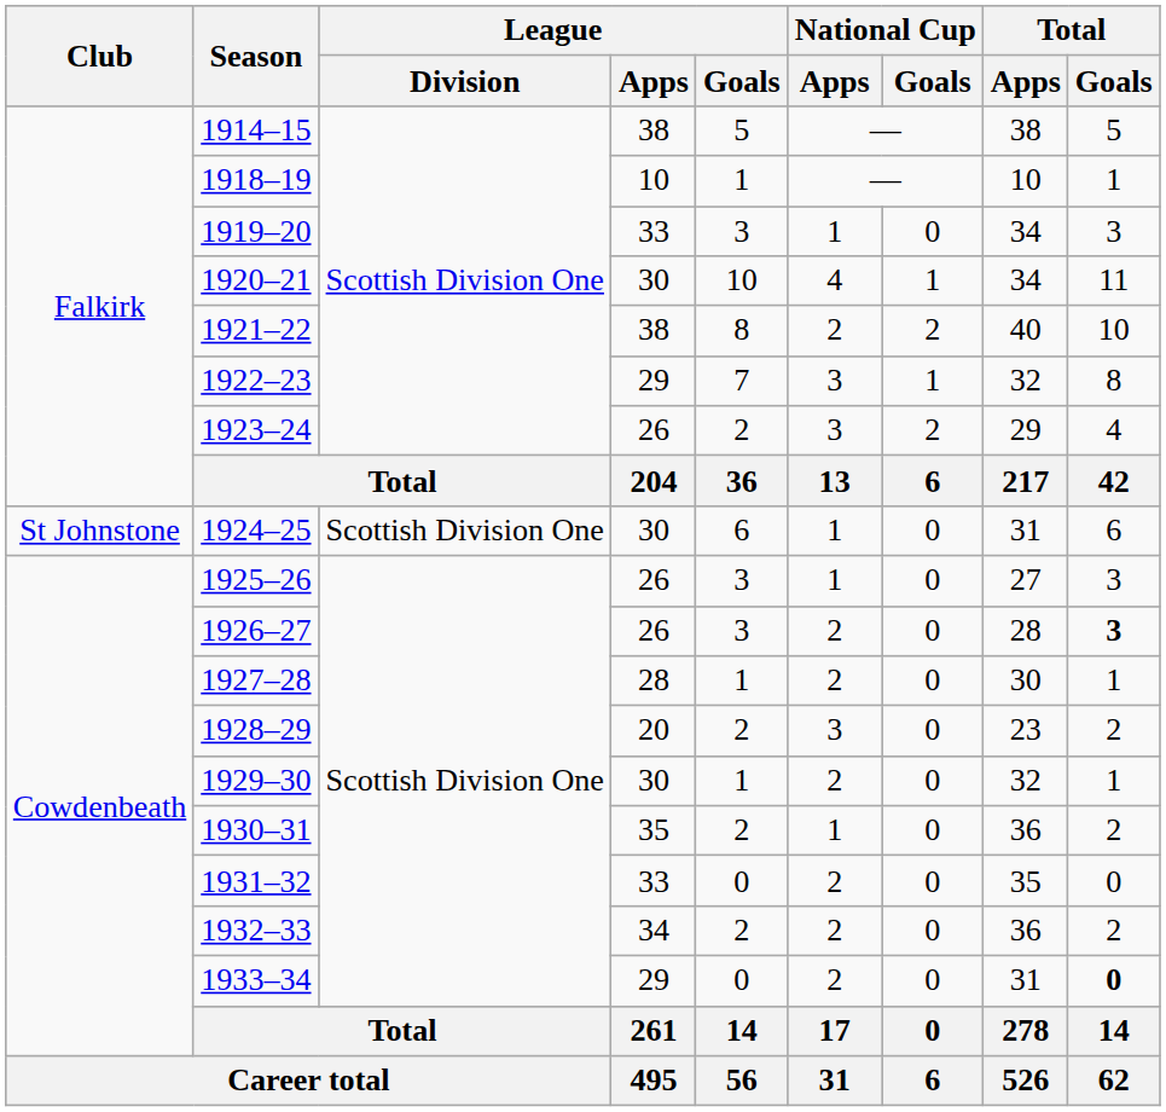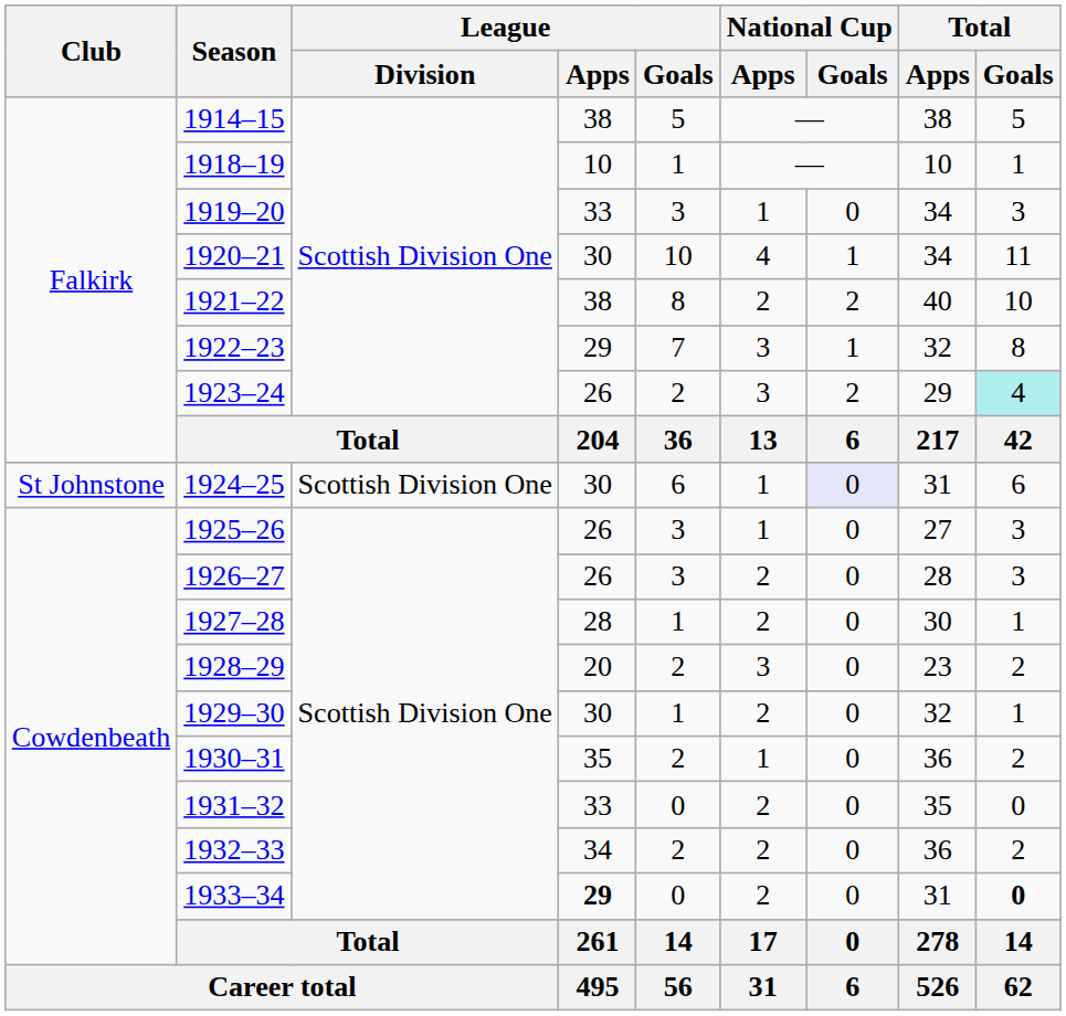 <table class="wikitable" style="text-align: center">
 <tr>
 <th rowspan="2">Club</th>
 <th rowspan="2">Season</th>
 <th colspan="3">League</th>
 <th colspan="2">National Cup</th>
 <th colspan="2">Total</th>
 </tr>
 <tr>
 <th>Division</th>
 <th>Apps</th>
 <th>Goals</th>
 <th>Apps</th>
 <th>Goals</th>
 <th>Apps</th>
 <th>Goals</th>
 </tr>
 <tr>
 <td rowspan="8"><a href='#'>Falkirk</a></td>
 <td><a href='#'>1914–15</a></td>
 <td rowspan="7"><a href='#'>Scottish Division One</a></td>
 <td>38</td>
 <td>5</td>
 <td colspan="2">—</td>
 <td>38</td>
 <td>5</td>
 </tr>
 <tr>
 <td><a href='#'>1918–19</a></td>
 <td>10</td>
 <td>1</td>
 <td colspan="2">—</td>
 <td>10</td>
 <td>1</td>
 </tr>
 <tr>
 <td><a href='#'>1919–20</a></td>
 <td>33</td>
 <td>3</td>
 <td>1</td>
 <td>0</td>
 <td>34</td>
 <td>3</td>
 </tr>
 <tr>
 <td><a href='#'>1920–21</a></td>
 <td>30</td>
 <td>10</td>
 <td>4</td>
 <td>1</td>
 <td>34</td>
 <td>11</td>
 </tr>
 <tr>
 <td><a href='#'>1921–22</a></td>
 <td>38</td>
 <td>8</td>
 <td>2</td>
 <td>2</td>
 <td>40</td>
 <td>10</td>
 </tr>
 <tr>
 <td><a href='#'>1922–23</a></td>
 <td>29</td>
 <td>7</td>
 <td>3</td>
 <td>1</td>
 <td>32</td>
 <td>8</td>
 </tr>
 <tr>
 <td><a href='#'>1923–24</a></td>
 <td>26</td>
 <td>2</td>
 <td>3</td>
 <td>2</td>
 <td>29</td>
-<td>4</td>
+<td style="background: paleturquoise;">4</td>
 </tr>
 <tr>
 <th colspan="2">Total</th>
 <th>204</th>
 <th>36</th>
 <th>13</th>
 <th>6</th>
 <th>217</th>
 <th>42</th>
 </tr>
 <tr>
 <td><a href='#'>St Johnstone</a></td>
 <td><a href='#'>1924–25</a></td>
 <td>Scottish Division One</td>
 <td>30</td>
 <td>6</td>
 <td>1</td>
-<td>0</td>
+<td style="background: lavender;">0</td>
 <td>31</td>
 <td>6</td>
 </tr>
 <tr>
 <td rowspan="10"><a href='#'>Cowdenbeath</a></td>
 <td><a href='#'>1925–26</a></td>
 <td rowspan="9">Scottish Division One</td>
 <td>26</td>
 <td>3</td>
 <td>1</td>
 <td>0</td>
 <td>27</td>
 <td>3</td>
 </tr>
 <tr>
 <td><a href='#'>1926–27</a></td>
 <td>26</td>
 <td>3</td>
 <td>2</td>
 <td>0</td>
 <td>28</td>
-<td><strong>3</strong></td>
+<td>3</td>
 </tr>
 <tr>
 <td><a href='#'>1927–28</a></td>
 <td>28</td>
 <td>1</td>
 <td>2</td>
 <td>0</td>
 <td>30</td>
 <td>1</td>
 </tr>
 <tr>
 <td><a href='#'>1928–29</a></td>
 <td>20</td>
 <td>2</td>
 <td>3</td>
 <td>0</td>
 <td>23</td>
 <td>2</td>
 </tr>
 <tr>
 <td><a href='#'>1929–30</a></td>
 <td>30</td>
 <td>1</td>
 <td>2</td>
 <td>0</td>
 <td>32</td>
 <td>1</td>
 </tr>
 <tr>
 <td><a href='#'>1930–31</a></td>
 <td>35</td>
 <td>2</td>
 <td>1</td>
 <td>0</td>
 <td>36</td>
 <td>2</td>
 </tr>
 <tr>
 <td><a href='#'>1931–32</a></td>
 <td>33</td>
 <td>0</td>
 <td>2</td>
 <td>0</td>
 <td>35</td>
 <td>0</td>
 </tr>
 <tr>
 <td><a href='#'>1932–33</a></td>
 <td>34</td>
 <td>2</td>
 <td>2</td>
 <td>0</td>
 <td>36</td>
 <td>2</td>
 </tr>
 <tr>
 <td><a href='#'>1933–34</a></td>
-<td>29</td>
+<td><strong>29</strong></td>
 <td>0</td>
 <td>2</td>
 <td>0</td>
 <td>31</td>
 <td><strong>0</strong></td>
 </tr>
 <tr>
 <th colspan="2">Total</th>
 <th>261</th>
 <th>14</th>
 <th>17</th>
 <th>0</th>
 <th>278</th>
 <th>14</th>
 </tr>
 <tr>
 <th colspan="3">Career total</th>
 <th>495</th>
 <th>56</th>
 <th>31</th>
 <th>6</th>
 <th>526</th>
 <th>62</th>
 </tr>
 </table>
